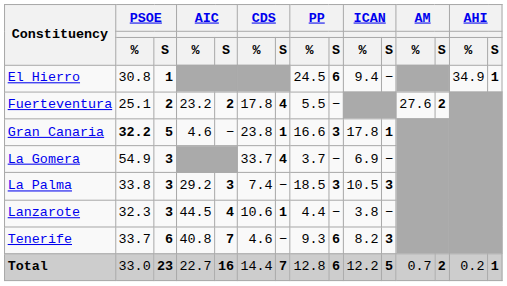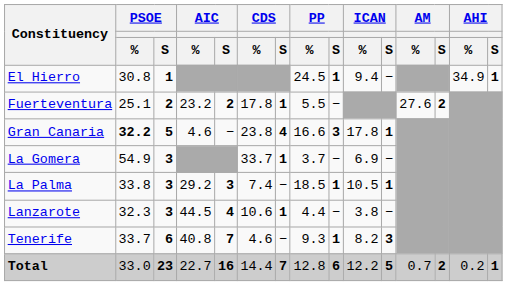 <table class="wikitable sortable" style="text-align:right; line-height:20px;">
 <tr>
 <th rowspan="3">Constituency</th>
 <th colspan="2" width="30px" class="unsortable"><a href='#'>PSOE</a></th>
 <th colspan="2" width="30px" class="unsortable"><a href='#'>AIC</a></th>
 <th colspan="2" width="30px" class="unsortable"><a href='#'>CDS</a></th>
 <th colspan="2" width="30px" class="unsortable"><a href='#'>PP</a></th>
 <th colspan="2" width="30px" class="unsortable"><a href='#'>ICAN</a></th>
 <th colspan="2" width="30px" class="unsortable"><a href='#'>AM</a></th>
 <th colspan="2" width="30px" class="unsortable"><a href='#'>AHI</a></th>
 </tr>
 <tr>
 <th colspan="2" style="background:"></th>
 <th colspan="2" style="background:"></th>
 <th colspan="2" style="background:"></th>
 <th colspan="2" style="background:"></th>
 <th colspan="2" style="background:"></th>
 <th colspan="2" style="background:"></th>
 <th colspan="2" style="background:"></th>
 </tr>
 <tr>
 <th data-sort-type="number">%</th>
 <th data-sort-type="number">S</th>
 <th data-sort-type="number">%</th>
 <th data-sort-type="number">S</th>
 <th data-sort-type="number">%</th>
 <th data-sort-type="number">S</th>
 <th data-sort-type="number">%</th>
 <th data-sort-type="number">S</th>
 <th data-sort-type="number">%</th>
 <th data-sort-type="number">S</th>
 <th data-sort-type="number">%</th>
 <th data-sort-type="number">S</th>
 <th data-sort-type="number">%</th>
 <th data-sort-type="number">S</th>
 </tr>
 <tr>
 <td align="left"><a href='#'>El Hierro</a></td>
 <td>30.8</td>
 <td><strong>1</strong></td>
 <td colspan="2" bgcolor="#AAAAAA"></td>
 <td colspan="2" bgcolor="#AAAAAA"></td>
 <td>24.5</td>
-<td><strong>6</strong></td>
+<td><strong>1</strong></td>
 <td>9.4</td>
 <td>−</td>
 <td colspan="2" bgcolor="#AAAAAA"></td>
 <td style="background:">34.9</td>
 <td><strong>1</strong></td>
 </tr>
 <tr>
 <td align="left"><a href='#'>Fuerteventura</a></td>
 <td>25.1</td>
 <td><strong>2</strong></td>
 <td>23.2</td>
 <td><strong>2</strong></td>
 <td>17.8</td>
-<td><strong>4</strong></td>
+<td><strong>1</strong></td>
 <td>5.5</td>
 <td>−</td>
 <td colspan="2" bgcolor="#AAAAAA"></td>
 <td style="background:">27.6</td>
 <td><strong>2</strong></td>
 <td colspan="2" rowspan="6" bgcolor="#AAAAAA"></td>
 </tr>
 <tr>
 <td align="left"><a href='#'>Gran Canaria</a></td>
 <td style="background:"><strong>32.2</strong></td>
 <td><strong>5</strong></td>
 <td>4.6</td>
 <td>−</td>
 <td>23.8</td>
-<td><strong>1</strong></td>
+<td><strong>4</strong></td>
 <td>16.6</td>
 <td><strong>3</strong></td>
 <td>17.8</td>
 <td><strong>1</strong></td>
 <td colspan="2" rowspan="5" bgcolor="#AAAAAA"></td>
 </tr>
 <tr>
 <td align="left"><a href='#'>La Gomera</a></td>
 <td style="background:">54.9</td>
 <td><strong>3</strong></td>
 <td colspan="2" bgcolor="#AAAAAA"></td>
 <td>33.7</td>
-<td><strong>4</strong></td>
+<td><strong>1</strong></td>
 <td>3.7</td>
 <td>−</td>
 <td>6.9</td>
 <td>−</td>
 </tr>
 <tr>
 <td align="left"><a href='#'>La Palma</a></td>
 <td style="background:">33.8</td>
 <td><strong>3</strong></td>
 <td>29.2</td>
 <td><strong>3</strong></td>
 <td>7.4</td>
 <td>−</td>
 <td>18.5</td>
-<td><strong>3</strong></td>
+<td><strong>1</strong></td>
 <td>10.5</td>
-<td><strong>3</strong></td>
+<td><strong>1</strong></td>
 </tr>
 <tr>
 <td align="left"><a href='#'>Lanzarote</a></td>
 <td>32.3</td>
 <td><strong>3</strong></td>
 <td style="background:">44.5</td>
 <td><strong>4</strong></td>
 <td>10.6</td>
 <td><strong>1</strong></td>
 <td>4.4</td>
 <td>−</td>
 <td>3.8</td>
 <td>−</td>
 </tr>
 <tr>
 <td align="left"><a href='#'>Tenerife</a></td>
 <td>33.7</td>
 <td><strong>6</strong></td>
 <td style="background:">40.8</td>
 <td><strong>7</strong></td>
 <td>4.6</td>
 <td>−</td>
 <td>9.3</td>
-<td><strong>6</strong></td>
+<td><strong>1</strong></td>
 <td>8.2</td>
 <td><strong>3</strong></td>
 </tr>
 <tr style="background:#CDCDCD;">
 <td align="left"><strong>Total</strong></td>
 <td style="background:">33.0</td>
 <td><strong>23</strong></td>
 <td>22.7</td>
 <td><strong>16</strong></td>
 <td>14.4</td>
 <td><strong>7</strong></td>
 <td>12.8</td>
 <td><strong>6</strong></td>
 <td>12.2</td>
 <td><strong>5</strong></td>
 <td>0.7</td>
 <td><strong>2</strong></td>
 <td>0.2</td>
 <td><strong>1</strong></td>
 </tr>
 </table>
